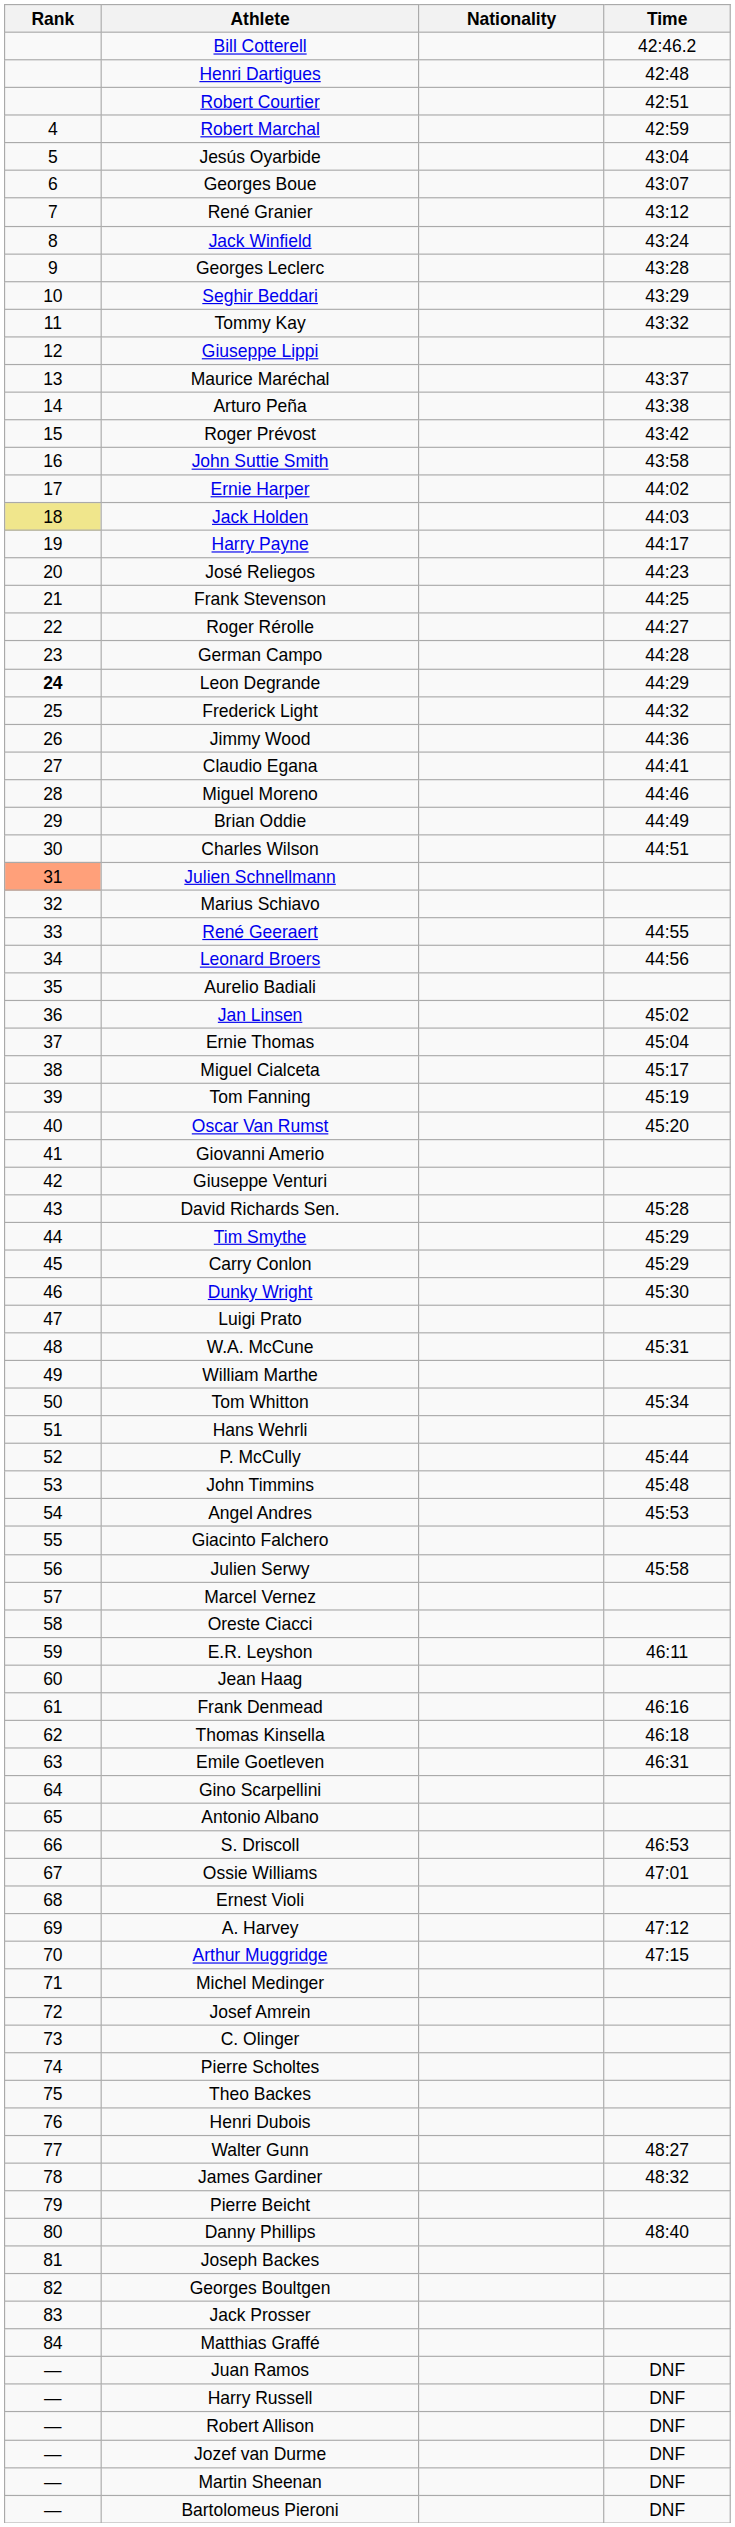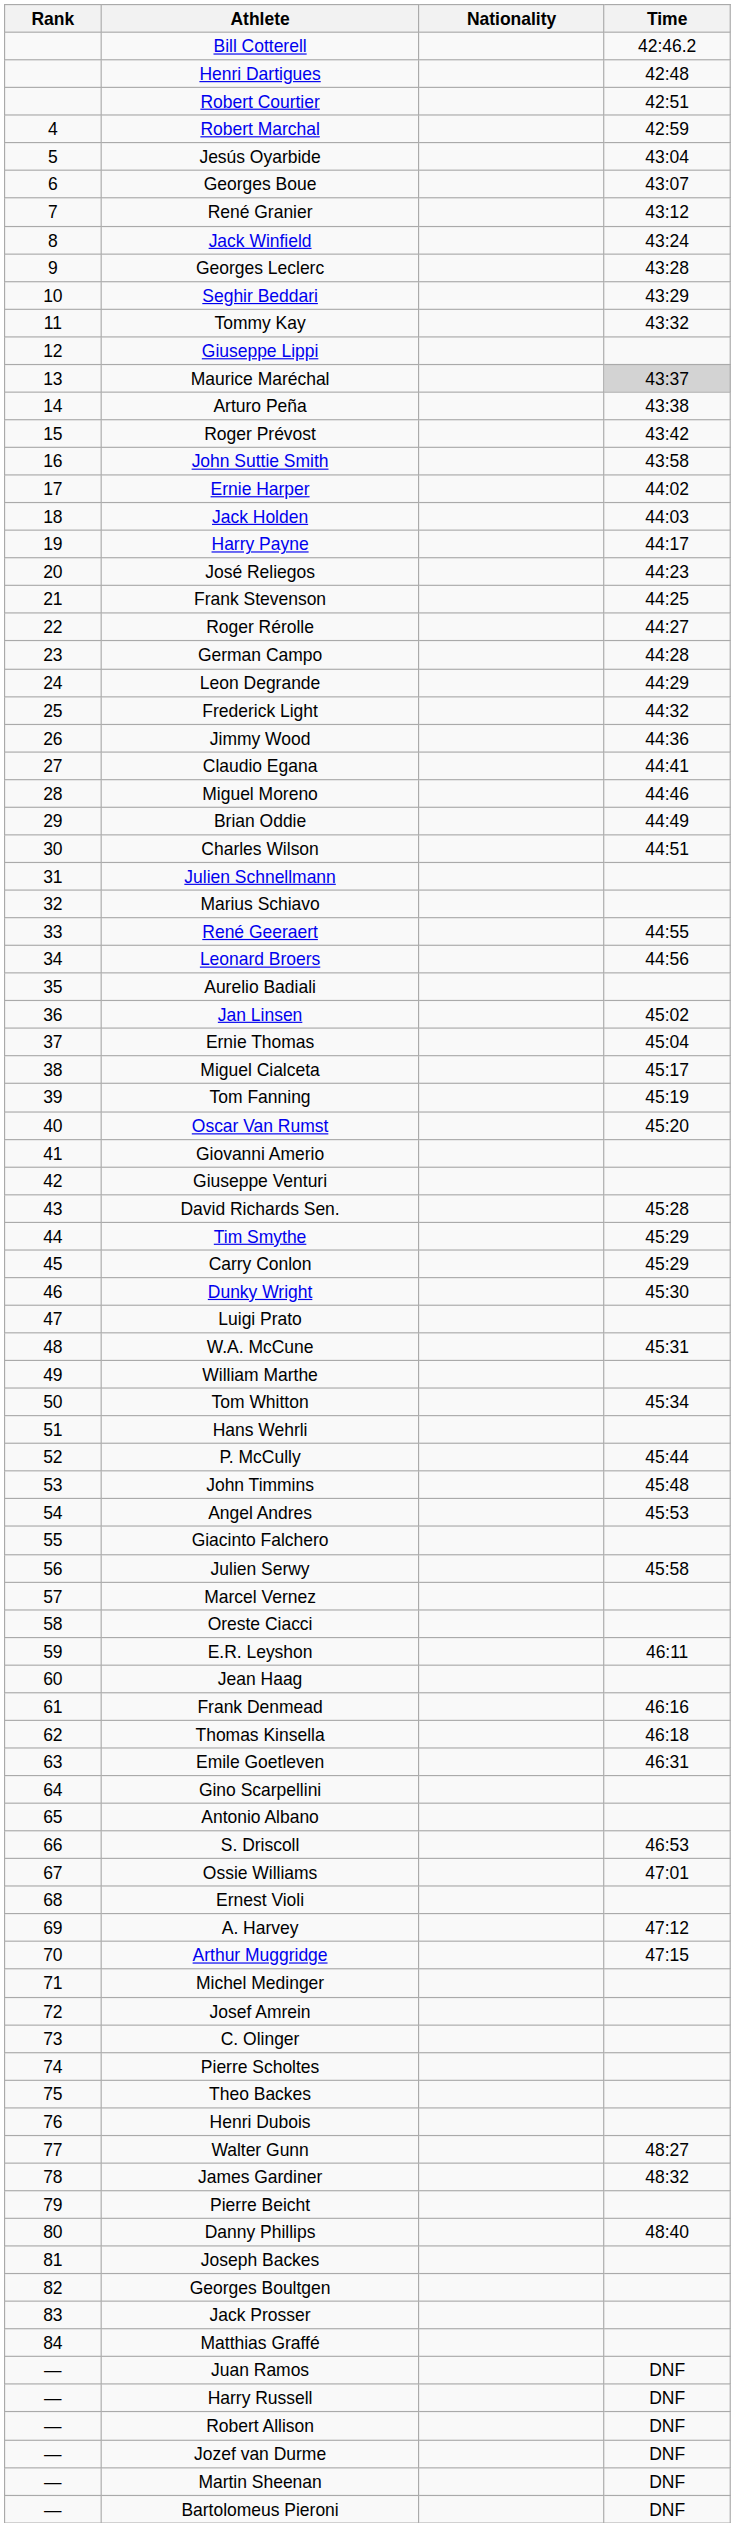 <table class="wikitable sortable" style=" text-align:center; font-size:95%;" width="50%">
 <tr>
 <th>Rank</th>
 <th>Athlete</th>
 <th>Nationality</th>
 <th>Time</th>
 </tr>
 <tr>
 <td align=center></td>
 <td><a href='#'>Bill Cotterell</a></td>
 <td></td>
 <td>42:46.2</td>
 </tr>
 <tr>
 <td align=center></td>
 <td><a href='#'>Henri Dartigues</a></td>
 <td></td>
 <td>42:48</td>
 </tr>
 <tr>
 <td align=center></td>
 <td><a href='#'>Robert Courtier</a></td>
 <td></td>
 <td>42:51</td>
 </tr>
 <tr>
 <td align=center>4</td>
 <td><a href='#'>Robert Marchal</a></td>
 <td></td>
 <td>42:59</td>
 </tr>
 <tr>
 <td align=center>5</td>
 <td>Jesús Oyarbide</td>
 <td></td>
 <td>43:04</td>
 </tr>
 <tr>
 <td align=center>6</td>
 <td>Georges Boue</td>
 <td></td>
 <td>43:07</td>
 </tr>
 <tr>
 <td align=center>7</td>
 <td>René Granier</td>
 <td></td>
 <td>43:12</td>
 </tr>
 <tr>
 <td align=center>8</td>
 <td><a href='#'>Jack Winfield</a></td>
 <td></td>
 <td>43:24</td>
 </tr>
 <tr>
 <td align=center>9</td>
 <td>Georges Leclerc</td>
 <td></td>
 <td>43:28</td>
 </tr>
 <tr>
 <td align=center>10</td>
 <td><a href='#'>Seghir Beddari</a></td>
 <td></td>
 <td>43:29</td>
 </tr>
 <tr>
 <td align=center>11</td>
 <td>Tommy Kay</td>
 <td></td>
 <td>43:32</td>
 </tr>
 <tr>
 <td align=center>12</td>
 <td><a href='#'>Giuseppe Lippi</a></td>
 <td></td>
 <td></td>
 </tr>
 <tr>
 <td align=center>13</td>
 <td>Maurice Maréchal</td>
 <td></td>
-<td>43:37</td>
+<td style="background: lightgrey;">43:37</td>
 </tr>
 <tr>
 <td align=center>14</td>
 <td>Arturo Peña</td>
 <td></td>
 <td>43:38</td>
 </tr>
 <tr>
 <td align=center>15</td>
 <td>Roger Prévost</td>
 <td></td>
 <td>43:42</td>
 </tr>
 <tr>
 <td align=center>16</td>
 <td><a href='#'>John Suttie Smith</a></td>
 <td></td>
 <td>43:58</td>
 </tr>
 <tr>
 <td align=center>17</td>
 <td><a href='#'>Ernie Harper</a></td>
 <td></td>
 <td>44:02</td>
 </tr>
 <tr>
-<td align=center style="background: khaki;">18</td>
+<td align=center>18</td>
 <td><a href='#'>Jack Holden</a></td>
 <td></td>
 <td>44:03</td>
 </tr>
 <tr>
 <td align=center>19</td>
 <td><a href='#'>Harry Payne</a></td>
 <td></td>
 <td>44:17</td>
 </tr>
 <tr>
 <td align=center>20</td>
 <td>José Reliegos</td>
 <td></td>
 <td>44:23</td>
 </tr>
 <tr>
 <td align=center>21</td>
 <td>Frank Stevenson</td>
 <td></td>
 <td>44:25</td>
 </tr>
 <tr>
 <td align=center>22</td>
 <td>Roger Rérolle</td>
 <td></td>
 <td>44:27</td>
 </tr>
 <tr>
 <td align=center>23</td>
 <td>German Campo</td>
 <td></td>
 <td>44:28</td>
 </tr>
 <tr>
-<td align=center><strong>24</strong></td>
+<td align=center>24</td>
 <td>Leon Degrande</td>
 <td></td>
 <td>44:29</td>
 </tr>
 <tr>
 <td align=center>25</td>
 <td>Frederick Light</td>
 <td></td>
 <td>44:32</td>
 </tr>
 <tr>
 <td align=center>26</td>
 <td>Jimmy Wood</td>
 <td></td>
 <td>44:36</td>
 </tr>
 <tr>
 <td align=center>27</td>
 <td>Claudio Egana</td>
 <td></td>
 <td>44:41</td>
 </tr>
 <tr>
 <td align=center>28</td>
 <td>Miguel Moreno</td>
 <td></td>
 <td>44:46</td>
 </tr>
 <tr>
 <td align=center>29</td>
 <td>Brian Oddie</td>
 <td></td>
 <td>44:49</td>
 </tr>
 <tr>
 <td align=center>30</td>
 <td>Charles Wilson</td>
 <td></td>
 <td>44:51</td>
 </tr>
 <tr>
-<td align=center style="background: lightsalmon;">31</td>
+<td align=center>31</td>
 <td><a href='#'>Julien Schnellmann</a></td>
 <td></td>
 <td></td>
 </tr>
 <tr>
 <td align=center>32</td>
 <td>Marius Schiavo</td>
 <td></td>
 <td></td>
 </tr>
 <tr>
 <td align=center>33</td>
 <td><a href='#'>René Geeraert</a></td>
 <td></td>
 <td>44:55</td>
 </tr>
 <tr>
 <td align=center>34</td>
 <td><a href='#'>Leonard Broers</a></td>
 <td></td>
 <td>44:56</td>
 </tr>
 <tr>
 <td align=center>35</td>
 <td>Aurelio Badiali</td>
 <td></td>
 <td></td>
 </tr>
 <tr>
 <td align=center>36</td>
 <td><a href='#'>Jan Linsen</a></td>
 <td></td>
 <td>45:02</td>
 </tr>
 <tr>
 <td align=center>37</td>
 <td>Ernie Thomas</td>
 <td></td>
 <td>45:04</td>
 </tr>
 <tr>
 <td align=center>38</td>
 <td>Miguel Cialceta</td>
 <td></td>
 <td>45:17</td>
 </tr>
 <tr>
 <td align=center>39</td>
 <td>Tom Fanning</td>
 <td></td>
 <td>45:19</td>
 </tr>
 <tr>
 <td align=center>40</td>
 <td><a href='#'>Oscar Van Rumst</a></td>
 <td></td>
 <td>45:20</td>
 </tr>
 <tr>
 <td align=center>41</td>
 <td>Giovanni Amerio</td>
 <td></td>
 <td></td>
 </tr>
 <tr>
 <td align=center>42</td>
 <td>Giuseppe Venturi</td>
 <td></td>
 <td></td>
 </tr>
 <tr>
 <td align=center>43</td>
 <td>David Richards Sen.</td>
 <td></td>
 <td>45:28</td>
 </tr>
 <tr>
 <td align=center>44</td>
 <td><a href='#'>Tim Smythe</a></td>
 <td></td>
 <td>45:29</td>
 </tr>
 <tr>
 <td align=center>45</td>
 <td>Carry Conlon</td>
 <td></td>
 <td>45:29</td>
 </tr>
 <tr>
 <td align=center>46</td>
 <td><a href='#'>Dunky Wright</a></td>
 <td></td>
 <td>45:30</td>
 </tr>
 <tr>
 <td align=center>47</td>
 <td>Luigi Prato</td>
 <td></td>
 <td></td>
 </tr>
 <tr>
 <td align=center>48</td>
 <td>W.A. McCune</td>
 <td></td>
 <td>45:31</td>
 </tr>
 <tr>
 <td align=center>49</td>
 <td>William Marthe</td>
 <td></td>
 <td></td>
 </tr>
 <tr>
 <td align=center>50</td>
 <td>Tom Whitton</td>
 <td></td>
 <td>45:34</td>
 </tr>
 <tr>
 <td align=center>51</td>
 <td>Hans Wehrli</td>
 <td></td>
 <td></td>
 </tr>
 <tr>
 <td align=center>52</td>
 <td>P. McCully</td>
 <td></td>
 <td>45:44</td>
 </tr>
 <tr>
 <td align=center>53</td>
 <td>John Timmins</td>
 <td></td>
 <td>45:48</td>
 </tr>
 <tr>
 <td align=center>54</td>
 <td>Angel Andres</td>
 <td></td>
 <td>45:53</td>
 </tr>
 <tr>
 <td align=center>55</td>
 <td>Giacinto Falchero</td>
 <td></td>
 <td></td>
 </tr>
 <tr>
 <td align=center>56</td>
 <td>Julien Serwy</td>
 <td></td>
 <td>45:58</td>
 </tr>
 <tr>
 <td align=center>57</td>
 <td>Marcel Vernez</td>
 <td></td>
 <td></td>
 </tr>
 <tr>
 <td align=center>58</td>
 <td>Oreste Ciacci</td>
 <td></td>
 <td></td>
 </tr>
 <tr>
 <td align=center>59</td>
 <td>E.R. Leyshon</td>
 <td></td>
 <td>46:11</td>
 </tr>
 <tr>
 <td align=center>60</td>
 <td>Jean Haag</td>
 <td></td>
 <td></td>
 </tr>
 <tr>
 <td align=center>61</td>
 <td>Frank Denmead</td>
 <td></td>
 <td>46:16</td>
 </tr>
 <tr>
 <td align=center>62</td>
 <td>Thomas Kinsella</td>
 <td></td>
 <td>46:18</td>
 </tr>
 <tr>
 <td align=center>63</td>
 <td>Emile Goetleven</td>
 <td></td>
 <td>46:31</td>
 </tr>
 <tr>
 <td align=center>64</td>
 <td>Gino Scarpellini</td>
 <td></td>
 <td></td>
 </tr>
 <tr>
 <td align=center>65</td>
 <td>Antonio Albano</td>
 <td></td>
 <td></td>
 </tr>
 <tr>
 <td align=center>66</td>
 <td>S. Driscoll</td>
 <td></td>
 <td>46:53</td>
 </tr>
 <tr>
 <td align=center>67</td>
 <td>Ossie Williams</td>
 <td></td>
 <td>47:01</td>
 </tr>
 <tr>
 <td align=center>68</td>
 <td>Ernest Violi</td>
 <td></td>
 <td></td>
 </tr>
 <tr>
 <td align=center>69</td>
 <td>A. Harvey</td>
 <td></td>
 <td>47:12</td>
 </tr>
 <tr>
 <td align=center>70</td>
 <td><a href='#'>Arthur Muggridge</a></td>
 <td></td>
 <td>47:15</td>
 </tr>
 <tr>
 <td align=center>71</td>
 <td>Michel Medinger</td>
 <td></td>
 <td></td>
 </tr>
 <tr>
 <td align=center>72</td>
 <td>Josef Amrein</td>
 <td></td>
 <td></td>
 </tr>
 <tr>
 <td align=center>73</td>
 <td>C. Olinger</td>
 <td></td>
 <td></td>
 </tr>
 <tr>
 <td align=center>74</td>
 <td>Pierre Scholtes</td>
 <td></td>
 <td></td>
 </tr>
 <tr>
 <td align=center>75</td>
 <td>Theo Backes</td>
 <td></td>
 <td></td>
 </tr>
 <tr>
 <td align=center>76</td>
 <td>Henri Dubois</td>
 <td></td>
 <td></td>
 </tr>
 <tr>
 <td align=center>77</td>
 <td>Walter Gunn</td>
 <td></td>
 <td>48:27</td>
 </tr>
 <tr>
 <td align=center>78</td>
 <td>James Gardiner</td>
 <td></td>
 <td>48:32</td>
 </tr>
 <tr>
 <td align=center>79</td>
 <td>Pierre Beicht</td>
 <td></td>
 <td></td>
 </tr>
 <tr>
 <td align=center>80</td>
 <td>Danny Phillips</td>
 <td></td>
 <td>48:40</td>
 </tr>
 <tr>
 <td align=center>81</td>
 <td>Joseph Backes</td>
 <td></td>
 <td></td>
 </tr>
 <tr>
 <td align=center>82</td>
 <td>Georges Boultgen</td>
 <td></td>
 <td></td>
 </tr>
 <tr>
 <td align=center>83</td>
 <td>Jack Prosser</td>
 <td></td>
 <td></td>
 </tr>
 <tr>
 <td align=center>84</td>
 <td>Matthias Graffé</td>
 <td></td>
 <td></td>
 </tr>
 <tr>
 <td align=center>—</td>
 <td Juan Ramos (athlete)>Juan Ramos</td>
 <td></td>
 <td>DNF</td>
 </tr>
 <tr>
 <td align=center>—</td>
 <td>Harry Russell</td>
 <td></td>
 <td>DNF</td>
 </tr>
 <tr>
 <td align=center>—</td>
 <td>Robert Allison</td>
 <td></td>
 <td>DNF</td>
 </tr>
 <tr>
 <td align=center>—</td>
 <td>Jozef van Durme</td>
 <td></td>
 <td>DNF</td>
 </tr>
 <tr>
 <td align=center>—</td>
 <td>Martin Sheenan</td>
 <td></td>
 <td>DNF</td>
 </tr>
 <tr>
 <td align=center>—</td>
 <td>Bartolomeus Pieroni</td>
 <td></td>
 <td>DNF</td>
 </tr>
 </table>
